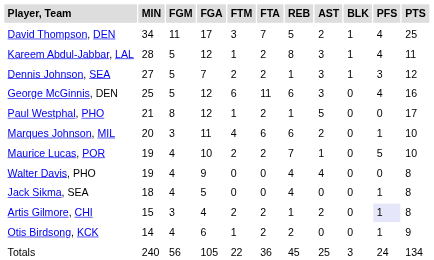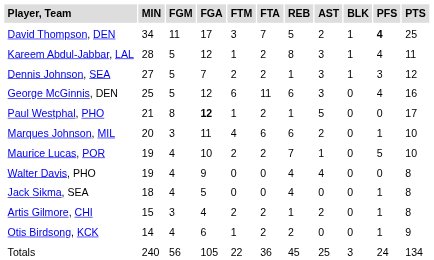 <table cellpadding=5>
 <tr bgcolor="#dddddd">
 <td><strong>Player, Team</strong></td>
 <td><strong>MIN</strong></td>
 <td><strong>FGM</strong></td>
 <td><strong>FGA</strong></td>
 <td><strong>FTM</strong></td>
 <td><strong>FTA</strong></td>
 <td><strong>REB</strong></td>
 <td><strong>AST</strong></td>
 <td><strong>BLK</strong></td>
 <td><strong>PFS</strong></td>
 <td><strong>PTS</strong></td>
 </tr>
 <tr bgcolor="#eeeeee">
 </tr>
 <tr>
 <td><a href='#'>David Thompson</a>, <a href='#'>DEN</a></td>
 <td>34</td>
 <td>11</td>
 <td>17</td>
 <td>3</td>
 <td>7</td>
 <td>5</td>
 <td>2</td>
 <td>1</td>
-<td>4</td>
+<td><strong>4</strong></td>
 <td>25</td>
 </tr>
 <tr>
 <td><a href='#'>Kareem Abdul-Jabbar</a>, <a href='#'>LAL</a></td>
 <td>28</td>
 <td>5</td>
 <td>12</td>
 <td>1</td>
 <td>2</td>
 <td>8</td>
 <td>3</td>
 <td>1</td>
 <td>4</td>
 <td>11</td>
 </tr>
 <tr>
 <td><a href='#'>Dennis Johnson</a>, <a href='#'>SEA</a></td>
 <td>27</td>
 <td>5</td>
 <td>7</td>
 <td>2</td>
 <td>2</td>
 <td>1</td>
 <td>3</td>
 <td>1</td>
 <td>3</td>
 <td>12</td>
 </tr>
 <tr>
 <td><a href='#'>George McGinnis</a>, DEN</td>
 <td>25</td>
 <td>5</td>
 <td>12</td>
 <td>6</td>
 <td>11</td>
 <td>6</td>
 <td>3</td>
 <td>0</td>
 <td>4</td>
 <td>16</td>
 </tr>
 <tr>
 <td><a href='#'>Paul Westphal</a>, <a href='#'>PHO</a></td>
 <td>21</td>
 <td>8</td>
-<td>12</td>
+<td><strong>12</strong></td>
 <td>1</td>
 <td>2</td>
 <td>1</td>
 <td>5</td>
 <td>0</td>
 <td>0</td>
 <td>17</td>
 </tr>
 <tr>
 <td><a href='#'>Marques Johnson</a>, <a href='#'>MIL</a></td>
 <td>20</td>
 <td>3</td>
 <td>11</td>
 <td>4</td>
 <td>6</td>
 <td>6</td>
 <td>2</td>
 <td>0</td>
 <td>1</td>
 <td>10</td>
 </tr>
 <tr>
 <td><a href='#'>Maurice Lucas</a>, <a href='#'>POR</a></td>
 <td>19</td>
 <td>4</td>
 <td>10</td>
 <td>2</td>
 <td>2</td>
 <td>7</td>
 <td>1</td>
 <td>0</td>
 <td>5</td>
 <td>10</td>
 </tr>
 <tr>
 <td><a href='#'>Walter Davis</a>, PHO</td>
 <td>19</td>
 <td>4</td>
 <td>9</td>
 <td>0</td>
 <td>0</td>
 <td>4</td>
 <td>4</td>
 <td>0</td>
 <td>0</td>
 <td>8</td>
 </tr>
 <tr>
 <td><a href='#'>Jack Sikma</a>, SEA</td>
 <td>18</td>
 <td>4</td>
 <td>5</td>
 <td>0</td>
 <td>0</td>
 <td>4</td>
 <td>0</td>
 <td>0</td>
 <td>1</td>
 <td>8</td>
 </tr>
 <tr>
 <td><a href='#'>Artis Gilmore</a>, <a href='#'>CHI</a></td>
 <td>15</td>
 <td>3</td>
 <td>4</td>
 <td>2</td>
 <td>2</td>
 <td>1</td>
 <td>2</td>
 <td>0</td>
-<td style="background: lavender;">1</td>
+<td>1</td>
 <td>8</td>
 </tr>
 <tr>
 <td><a href='#'>Otis Birdsong</a>, <a href='#'>KCK</a></td>
 <td>14</td>
 <td>4</td>
 <td>6</td>
 <td>1</td>
 <td>2</td>
 <td>2</td>
 <td>0</td>
 <td>0</td>
 <td>1</td>
 <td>9</td>
 </tr>
 <tr>
 <td>Totals</td>
 <td>240</td>
 <td>56</td>
 <td>105</td>
 <td>22</td>
 <td>36</td>
 <td>45</td>
 <td>25</td>
 <td>3</td>
 <td>24</td>
 <td>134</td>
 </tr>
 <tr>
 </tr>
 </table>
